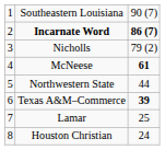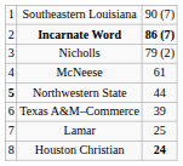 <table class="wikitable">
 <tr align="center">
 <td>1</td>
 <td>Southeastern Louisiana</td>
 <td>90 (7)</td>
 </tr>
 <tr align="center">
 <td>2</td>
 <td><strong>Incarnate Word</strong></td>
 <td><strong>86 (7)</strong></td>
 </tr>
 <tr align="center">
 <td>3</td>
 <td>Nicholls</td>
 <td>79 (2)</td>
 </tr>
 <tr align="center">
 <td>4</td>
 <td>McNeese</td>
-<td><strong>61</strong></td>
+<td>61</td>
 </tr>
 <tr align="center">
-<td>5</td>
+<td><strong>5</strong></td>
 <td>Northwestern State</td>
 <td>44</td>
 </tr>
 <tr align="center">
 <td>6</td>
 <td>Texas A&M–Commerce</td>
-<td><strong>39</strong></td>
+<td>39</td>
 </tr>
 <tr align="center">
 <td>7</td>
 <td>Lamar</td>
 <td>25</td>
 </tr>
 <tr align="center">
 <td>8</td>
 <td>Houston Christian</td>
-<td>24</td>
+<td><strong>24</strong></td>
 </tr>
 </table>
